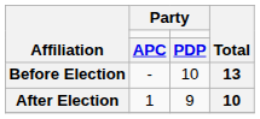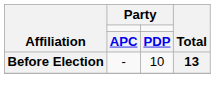 <table class=wikitable style="text-align:center">
 <tr style="vertical-align:bottom;">
 <th rowspan=3>Affiliation</th>
 <th colspan=2>Party</th>
 <th rowspan=3>Total</th>
 </tr>
 <tr>
 <td style="background-color:"></td>
 <td style="background-color:"></td>
 </tr>
 <tr>
 <th><a href='#'>APC</a></th>
 <th><a href='#'>PDP</a></th>
 </tr>
 <tr>
 <th>Before Election</th>
 <td>-</td>
 <td>10</td>
 <th>13</th>
 </tr>
 <tr>
-<th>After Election</th>
-<td>1</td>
-<td>9</td>
-<th>10</th>
-</tr>
-<tr>
 </tr>
 </table>
